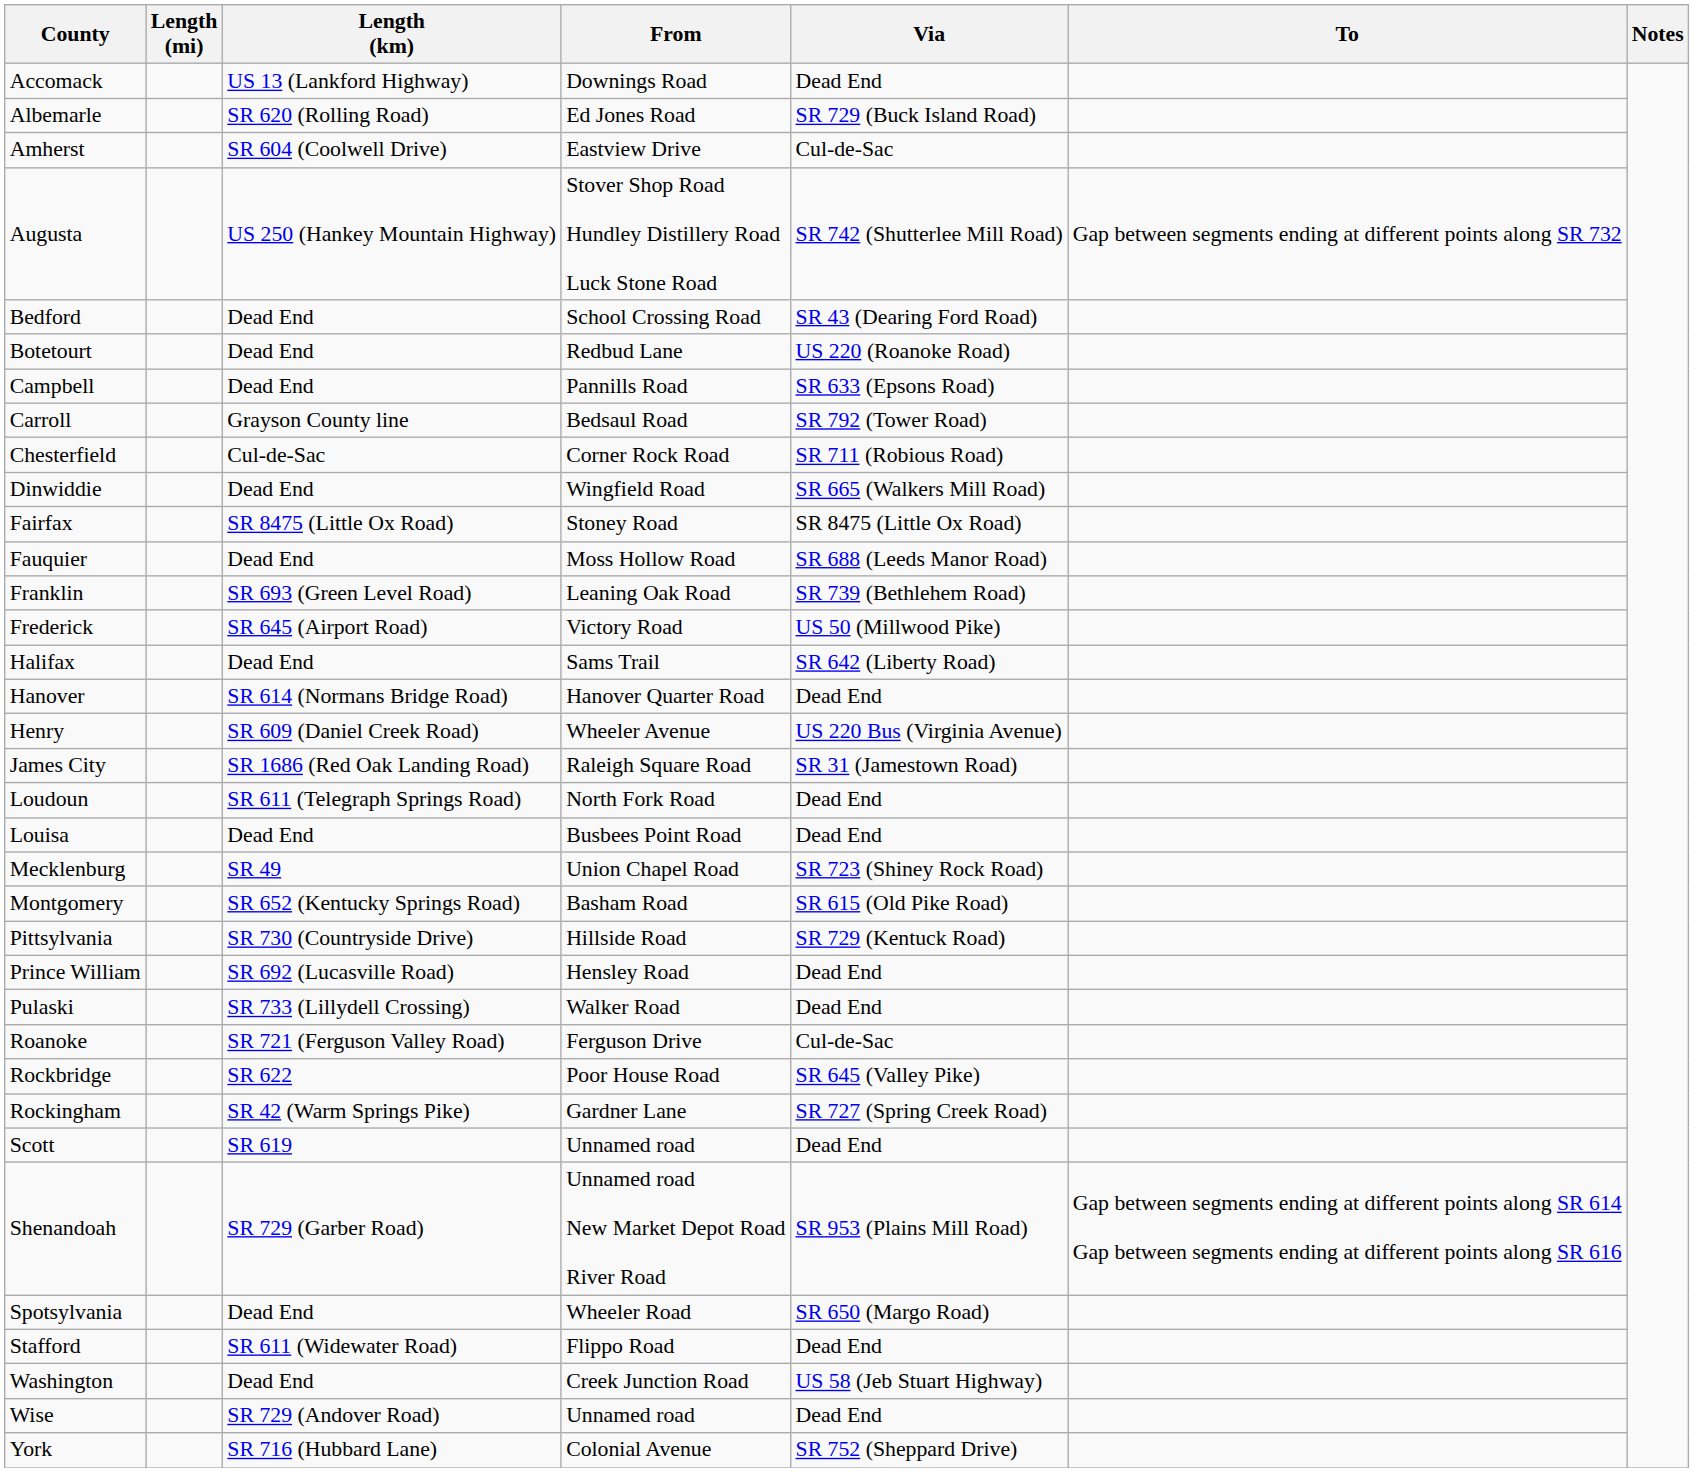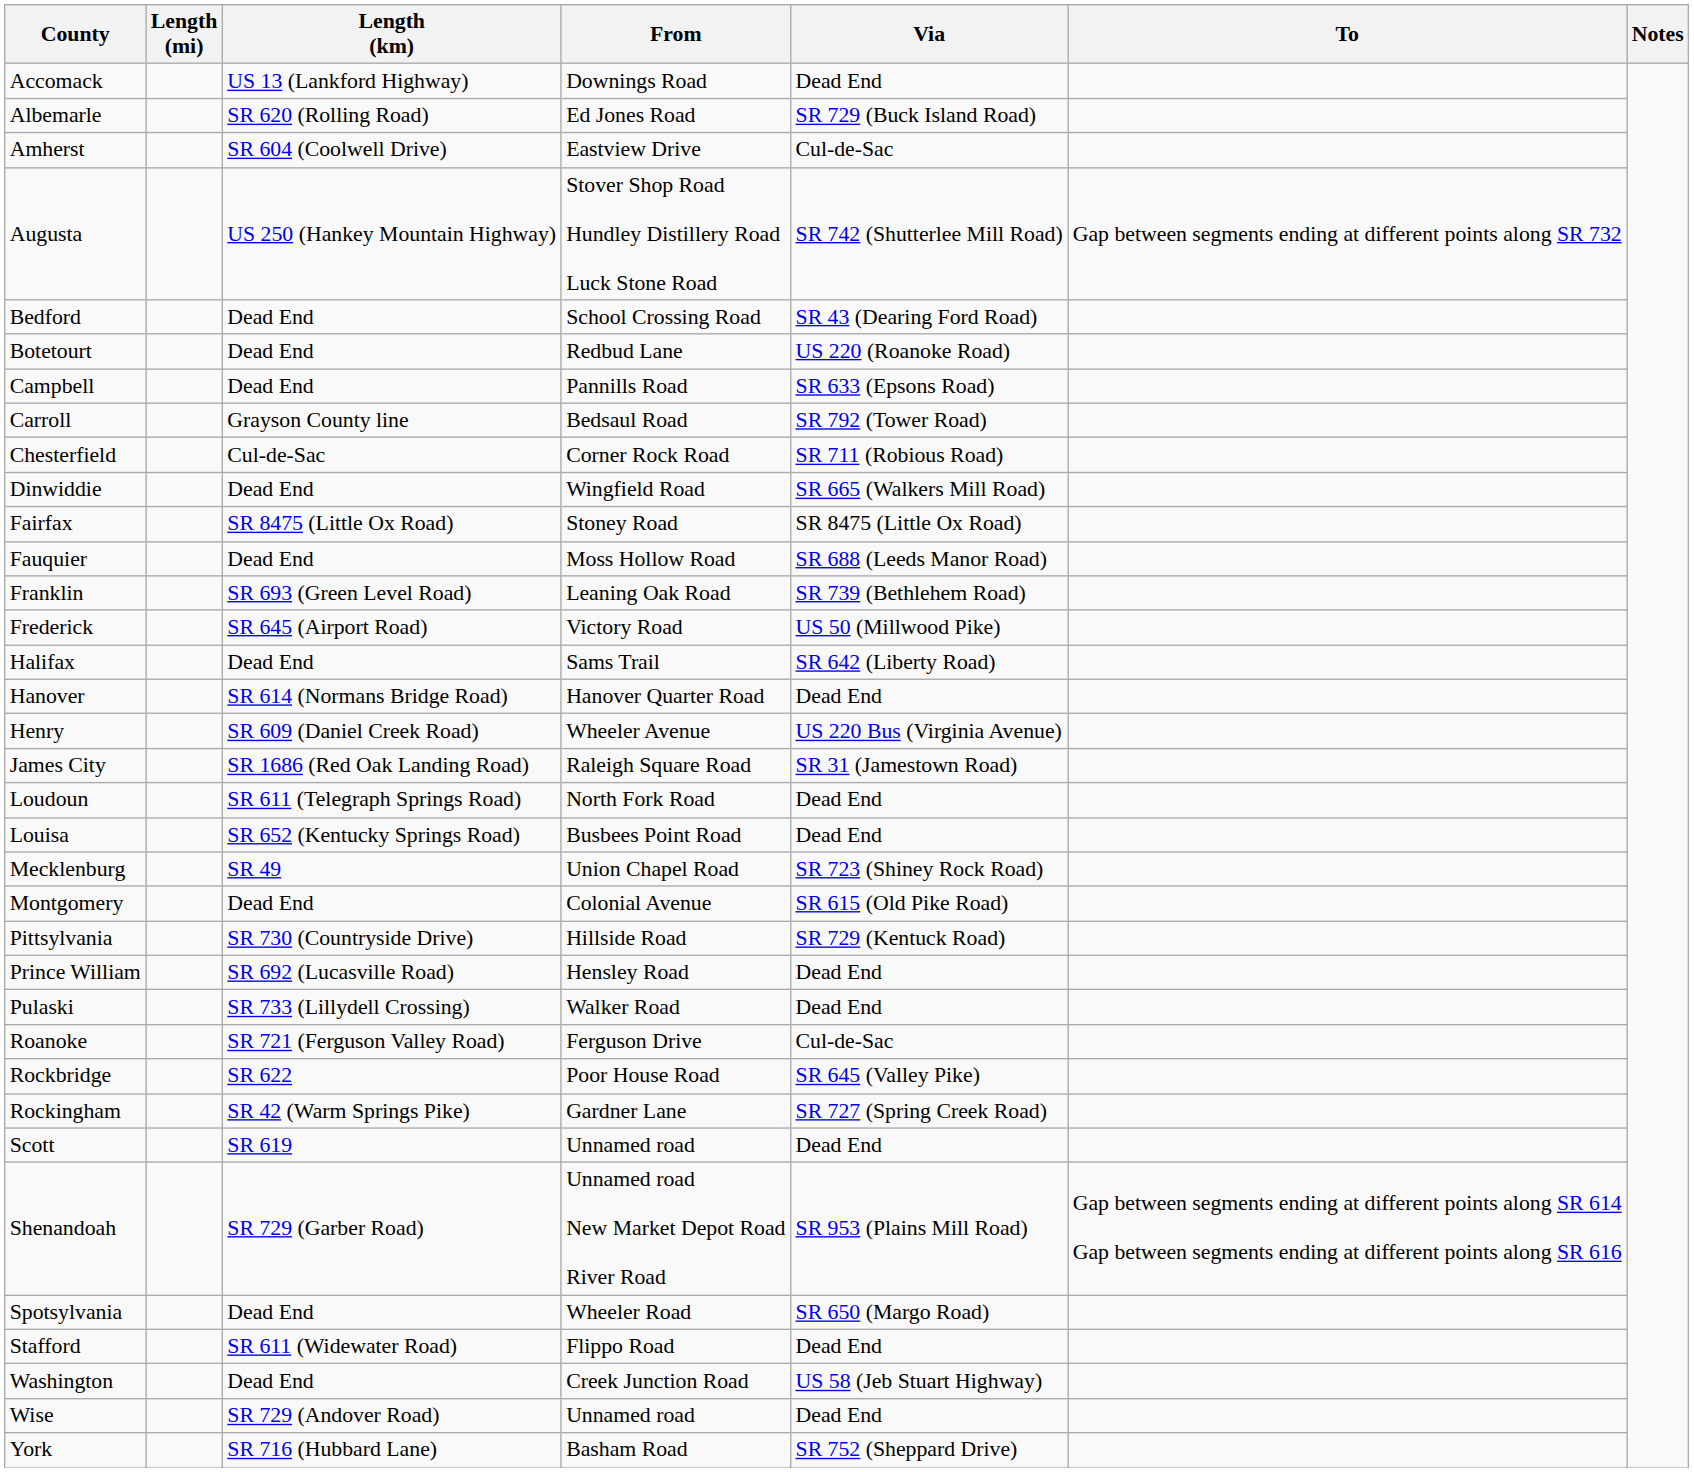 <table class="wikitable sortable">
 <tr>
 <th>County</th>
 <th>Length<br>(mi)</th>
 <th>Length<br>(km)</th>
 <th class="unsortable">From</th>
 <th class="unsortable">Via</th>
 <th class="unsortable">To</th>
 <th class="unsortable">Notes</th>
 </tr>
 <tr>
 <td id="Accomack">Accomack</td>
 <td></td>
 <td><a href='#'>US 13</a> (Lankford Highway)</td>
 <td>Downings Road</td>
 <td>Dead End</td>
 <td></td>
 </tr>
 <tr>
 <td id="Albemarle">Albemarle</td>
 <td></td>
 <td><a href='#'>SR 620</a> (Rolling Road)</td>
 <td>Ed Jones Road</td>
 <td><a href='#'>SR 729</a> (Buck Island Road)</td>
 <td><br> </td>
 </tr>
 <tr>
 <td id="Amherst">Amherst</td>
 <td></td>
 <td><a href='#'>SR 604</a> (Coolwell Drive)</td>
 <td>Eastview Drive</td>
 <td>Cul-de-Sac</td>
 <td><br> </td>
 </tr>
 <tr>
 <td id="Augusta">Augusta</td>
 <td></td>
 <td><a href='#'>US 250</a> (Hankey Mountain Highway)</td>
 <td>Stover Shop Road<br><br>Hundley Distillery Road<br><br>Luck Stone Road</td>
 <td><a href='#'>SR 742</a> (Shutterlee Mill Road)</td>
 <td>Gap between segments ending at different points along <a href='#'>SR 732</a><br></td>
 </tr>
 <tr>
 <td id="Bedford">Bedford</td>
 <td></td>
 <td>Dead End</td>
 <td>School Crossing Road</td>
 <td><a href='#'>SR 43</a> (Dearing Ford Road)</td>
 <td><br></td>
 </tr>
 <tr>
 <td id="Botetourt">Botetourt</td>
 <td></td>
 <td>Dead End</td>
 <td>Redbud Lane</td>
 <td><a href='#'>US 220</a> (Roanoke Road)</td>
 <td><br>  </td>
 </tr>
 <tr>
 <td id="Campbell">Campbell</td>
 <td></td>
 <td>Dead End</td>
 <td>Pannills Road</td>
 <td><a href='#'>SR 633</a> (Epsons Road)</td>
 <td><br></td>
 </tr>
 <tr>
 <td id="Carroll">Carroll</td>
 <td></td>
 <td>Grayson County line</td>
 <td>Bedsaul Road</td>
 <td><a href='#'>SR 792</a> (Tower Road)</td>
 <td><br> </td>
 </tr>
 <tr>
 <td id="Chesterfield">Chesterfield</td>
 <td></td>
 <td>Cul-de-Sac</td>
 <td>Corner Rock Road</td>
 <td><a href='#'>SR 711</a> (Robious Road)</td>
 <td><br>    </td>
 </tr>
 <tr>
 <td id="Dinwiddie">Dinwiddie</td>
 <td></td>
 <td>Dead End</td>
 <td>Wingfield Road</td>
 <td><a href='#'>SR 665</a> (Walkers Mill Road)</td>
 <td><br></td>
 </tr>
 <tr>
 <td id="Fairfax">Fairfax</td>
 <td></td>
 <td><a href='#'>SR 8475</a> (Little Ox Road)</td>
 <td>Stoney Road</td>
 <td>SR 8475 (Little Ox Road)</td>
 <td></td>
 </tr>
 <tr>
 <td id="Fauquier">Fauquier</td>
 <td></td>
 <td>Dead End</td>
 <td>Moss Hollow Road</td>
 <td><a href='#'>SR 688</a> (Leeds Manor Road)</td>
 <td><br> </td>
 </tr>
 <tr>
 <td id="Franklin">Franklin</td>
 <td></td>
 <td><a href='#'>SR 693</a> (Green Level Road)</td>
 <td>Leaning Oak Road</td>
 <td><a href='#'>SR 739</a> (Bethlehem Road)</td>
 <td></td>
 </tr>
 <tr>
 <td id="Frederick">Frederick</td>
 <td></td>
 <td><a href='#'>SR 645</a> (Airport Road)</td>
 <td>Victory Road</td>
 <td><a href='#'>US 50</a> (Millwood Pike)</td>
 <td><br>     </td>
 </tr>
 <tr>
 <td id="Halifax">Halifax</td>
 <td></td>
 <td>Dead End</td>
 <td>Sams Trail</td>
 <td><a href='#'>SR 642</a> (Liberty Road)</td>
 <td></td>
 </tr>
 <tr>
 <td id="Hanover">Hanover</td>
 <td></td>
 <td><a href='#'>SR 614</a> (Normans Bridge Road)</td>
 <td>Hanover Quarter Road</td>
 <td>Dead End</td>
 <td><br></td>
 </tr>
 <tr>
 <td id="Henry">Henry</td>
 <td></td>
 <td><a href='#'>SR 609</a> (Daniel Creek Road)</td>
 <td>Wheeler Avenue</td>
 <td><a href='#'>US 220 Bus</a> (Virginia Avenue)</td>
 <td><br> </td>
 </tr>
 <tr>
 <td id="James City">James City</td>
 <td></td>
 <td><a href='#'>SR 1686</a> (Red Oak Landing Road)</td>
 <td>Raleigh Square Road</td>
 <td><a href='#'>SR 31</a> (Jamestown Road)</td>
 <td><br>    </td>
 </tr>
 <tr>
 <td id="Loudoun">Loudoun</td>
 <td></td>
 <td><a href='#'>SR 611</a> (Telegraph Springs Road)</td>
 <td>North Fork Road</td>
 <td>Dead End</td>
 <td></td>
 </tr>
 <tr>
 <td id="Louisa">Louisa</td>
 <td></td>
-<td>Dead End</td>
+<td><a href='#'>SR 652</a> (Kentucky Springs Road)</td>
 <td>Busbees Point Road</td>
 <td>Dead End</td>
 <td><br>  </td>
 </tr>
 <tr>
 <td id="Mecklenburg">Mecklenburg</td>
 <td></td>
 <td><a href='#'>SR 49</a></td>
 <td>Union Chapel Road</td>
 <td><a href='#'>SR 723</a> (Shiney Rock Road)</td>
 <td><br></td>
 </tr>
 <tr>
 <td id="Montgomery">Montgomery</td>
 <td></td>
-<td><a href='#'>SR 652</a> (Kentucky Springs Road)</td>
-<td>Basham Road</td>
+<td>Dead End</td>
+<td>Colonial Avenue</td>
 <td><a href='#'>SR 615</a> (Old Pike Road)</td>
 <td><br>       </td>
 </tr>
 <tr>
 <td id="Pittsylvania">Pittsylvania</td>
 <td></td>
 <td><a href='#'>SR 730</a> (Countryside Drive)</td>
 <td>Hillside Road</td>
 <td><a href='#'>SR 729</a> (Kentuck Road)</td>
 <td><br>  </td>
 </tr>
 <tr>
 <td id="Prince William">Prince William</td>
 <td></td>
 <td><a href='#'>SR 692</a> (Lucasville Road)</td>
 <td>Hensley Road</td>
 <td>Dead End</td>
 <td></td>
 </tr>
 <tr>
 <td id="Pulaski">Pulaski</td>
 <td></td>
 <td><a href='#'>SR 733</a> (Lillydell Crossing)</td>
 <td>Walker Road</td>
 <td>Dead End</td>
 <td><br> </td>
 </tr>
 <tr>
 <td id="Roanoke">Roanoke</td>
 <td></td>
 <td><a href='#'>SR 721</a> (Ferguson Valley Road)</td>
 <td>Ferguson Drive</td>
 <td>Cul-de-Sac</td>
 <td></td>
 </tr>
 <tr>
 <td id="Rockbridge">Rockbridge</td>
 <td></td>
 <td><a href='#'>SR 622</a></td>
 <td>Poor House Road</td>
 <td><a href='#'>SR 645</a> (Valley Pike)</td>
 <td></td>
 </tr>
 <tr>
 <td id="Rockingham">Rockingham</td>
 <td></td>
 <td><a href='#'>SR 42</a> (Warm Springs Pike)</td>
 <td>Gardner Lane</td>
 <td><a href='#'>SR 727</a> (Spring Creek Road)</td>
 <td><br></td>
 </tr>
 <tr>
 <td id="Scott">Scott</td>
 <td></td>
 <td><a href='#'>SR 619</a></td>
 <td>Unnamed road</td>
 <td>Dead End</td>
 <td></td>
 </tr>
 <tr>
 <td id="Shenandoah">Shenandoah</td>
 <td></td>
 <td><a href='#'>SR 729</a> (Garber Road)</td>
 <td>Unnamed road<br><br>New Market Depot Road<br><br>River Road</td>
 <td><a href='#'>SR 953</a> (Plains Mill Road)</td>
 <td>Gap between segments ending at different points along <a href='#'>SR 614</a><br><br>Gap between segments ending at different points along <a href='#'>SR 616</a><br> </td>
 </tr>
 <tr>
 <td id="Spotsylvania">Spotsylvania</td>
 <td></td>
 <td>Dead End</td>
 <td>Wheeler Road</td>
 <td><a href='#'>SR 650</a> (Margo Road)</td>
 <td></td>
 </tr>
 <tr>
 <td id="Stafford">Stafford</td>
 <td></td>
 <td><a href='#'>SR 611</a> (Widewater Road)</td>
 <td>Flippo Road</td>
 <td>Dead End</td>
 <td><br>   </td>
 </tr>
 <tr>
 <td id="Washington">Washington</td>
 <td></td>
 <td>Dead End</td>
 <td>Creek Junction Road</td>
 <td><a href='#'>US 58</a> (Jeb Stuart Highway)</td>
 <td><br></td>
 </tr>
 <tr>
 <td id="Wise">Wise</td>
 <td></td>
 <td><a href='#'>SR 729</a> (Andover Road)</td>
 <td>Unnamed road</td>
 <td>Dead End</td>
 <td><br></td>
 </tr>
 <tr>
 <td id="York">York</td>
 <td></td>
 <td><a href='#'>SR 716</a> (Hubbard Lane)</td>
-<td>Colonial Avenue</td>
+<td>Basham Road</td>
 <td><a href='#'>SR 752</a> (Sheppard Drive)</td>
 <td></td>
 </tr>
 </table>
